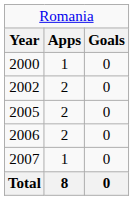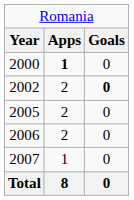 <table class="wikitable" style="text-align:center">
 <tr>
 <td colspan=3><a href='#'>Romania</a></td>
 </tr>
 <tr>
 <th>Year</th>
 <th>Apps</th>
 <th>Goals</th>
 </tr>
 <tr>
 <td>2000</td>
-<td>1</td>
+<td><strong>1</strong></td>
 <td>0</td>
 </tr>
 <tr>
 <td>2002</td>
 <td>2</td>
-<td>0</td>
+<td><strong>0</strong></td>
 </tr>
 <tr>
 <td>2005</td>
 <td>2</td>
 <td>0</td>
 </tr>
 <tr>
 <td>2006</td>
 <td>2</td>
 <td>0</td>
 </tr>
 <tr>
 <td>2007</td>
 <td>1</td>
 <td>0</td>
 </tr>
 <tr>
 <th>Total</th>
 <th>8</th>
 <th>0</th>
 </tr>
 </table>
